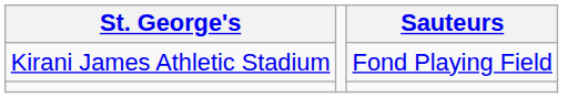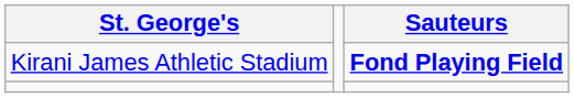 <table class="wikitable">
 <tr>
 <th><a href='#'>St. George's</a></th>
 <td rowspan="3"><br></td>
 <th><a href='#'>Sauteurs</a></th>
 </tr>
 <tr>
 <td><a href='#'>Kirani James Athletic Stadium</a></td>
-<td><a href='#'>Fond Playing Field</a></td>
+<td><strong><a href='#'>Fond Playing Field</a></strong></td>
 </tr>
 <tr>
 <td><small></small></td>
 <td><small></small></td>
 </tr>
 </table>
